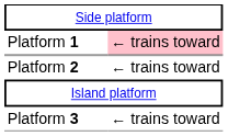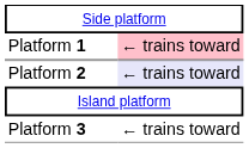 <table border=0 cellspacing=0 cellpadding=3>
 <tr>
 <td style="border-top:solid 1-x black;border-top:solid 1px black;border-right:solid 2px black;border-left:solid 2px black;border-bottom:solid 2px black;text-align:center;" colspan=2><small><a href='#'>Side platform</a></small></td>
 </tr>
 <tr>
 <td style="border-bottom:solid 1px gray;" width=100>Platform <strong>1</strong></td>
 <td style="background: pink; border-bottom:solid 1px gray;">←  trains toward  </td>
 </tr>
 <tr>
 <td style="border-top:solid 1px gray;">Platform <strong>2</strong></td>
-<td style="border-top:solid 1px gray;">←  trains toward  </td>
+<td style="background: lavender; border-top:solid 1px gray;">←  trains toward  </td>
 </tr>
 <tr>
 <td style="border-top:solid 2px black;border-right:solid 2px black;border-left:solid 2px black;border-bottom:solid 2px black;text-align:center;" colspan=2><small><a href='#'>Island platform</a></small></td>
 </tr>
 <tr>
 <td style="border-bottom:solid 1px gray;">Platform <strong>3</strong></td>
 <td style="border-bottom:solid 1px gray;">←  trains toward  </td>
 </tr>
 </table>
